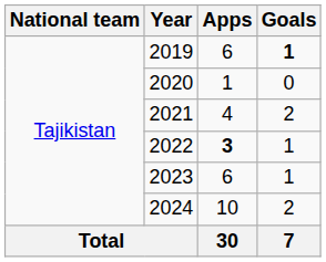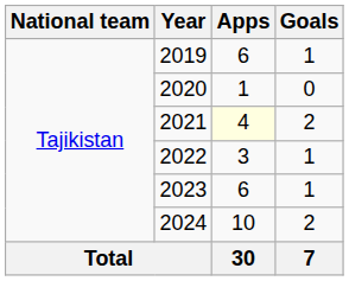 <table class="wikitable" style="text-align:center">
 <tr>
 <th>National team</th>
 <th>Year</th>
 <th>Apps</th>
 <th>Goals</th>
 </tr>
 <tr>
 <td rowspan="6"><a href='#'>Tajikistan</a></td>
 <td>2019</td>
 <td>6</td>
-<td><strong>1</strong></td>
+<td>1</td>
 </tr>
 <tr>
 <td>2020</td>
 <td>1</td>
 <td>0</td>
 </tr>
 <tr>
 <td>2021</td>
-<td>4</td>
+<td style="background: lightyellow;">4</td>
 <td>2</td>
 </tr>
 <tr>
 <td>2022</td>
-<td><strong>3</strong></td>
+<td>3</td>
 <td>1</td>
 </tr>
 <tr>
 <td>2023</td>
 <td>6</td>
 <td>1</td>
 </tr>
 <tr>
 <td>2024</td>
 <td>10</td>
 <td>2</td>
 </tr>
 <tr>
 <th colspan="2">Total</th>
 <th>30</th>
 <th>7</th>
 </tr>
 </table>
